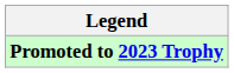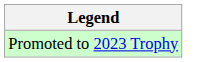 <table class="wikitable">
 <tr>
 <th>Legend</th>
 </tr>
 <tr>
-<td bgcolor="ccffcc"><strong>Promoted to <a href='#'>2023 Trophy</a></strong></td>
+<td bgcolor="ccffcc">Promoted to <a href='#'>2023 Trophy</a></td>
 </tr>
 </table>
